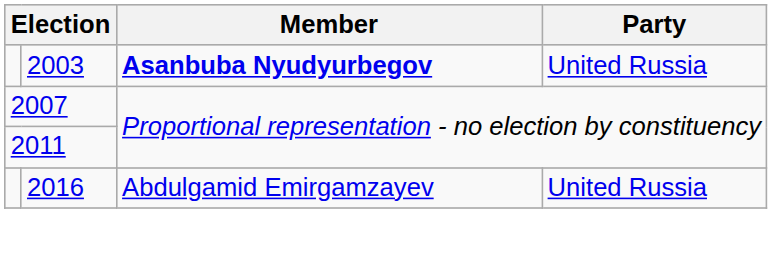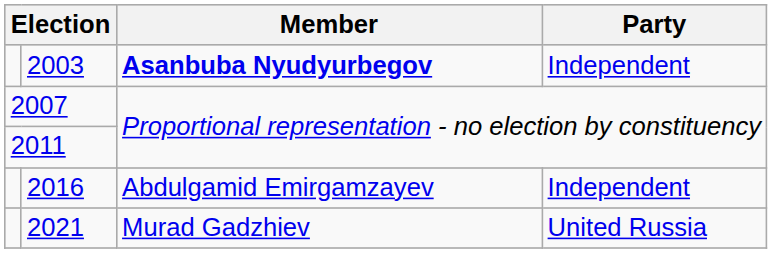 <table class="wikitable">
 <tr>
 <th colspan="2">Election</th>
 <th>Member</th>
 <th>Party</th>
 </tr>
 <tr>
 <td style="background-color:"></td>
 <td><a href='#'>2003</a></td>
 <td><strong><a href='#'>Asanbuba Nyudyurbegov</a></strong></td>
-<td><a href='#'>United Russia</a></td>
+<td><a href='#'>Independent</a></td>
 </tr>
 <tr>
 <td colspan=2><a href='#'>2007</a></td>
 <td colspan=2 rowspan=2><em><a href='#'>Proportional representation</a> - no election by constituency</em></td>
 </tr>
 <tr>
 <td colspan=2><a href='#'>2011</a></td>
 </tr>
 <tr>
 <td style="background-color: "></td>
 <td><a href='#'>2016</a></td>
 <td><a href='#'>Abdulgamid Emirgamzayev</a></td>
+<td><a href='#'>Independent</a></td>
+</tr>
+<tr>
+<td style="background-color: "></td>
+<td><a href='#'>2021</a></td>
+<td><a href='#'>Murad Gadzhiev</a></td>
 <td><a href='#'>United Russia</a></td>
 </tr>
 </table>
